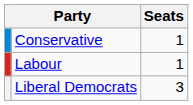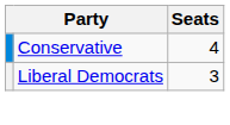 <table class="wikitable">
 <tr>
 <th colspan=2>Party</th>
 <th>Seats</th>
 </tr>
 <tr>
 <th style="background-color: #0087DC"></th>
 <td><a href='#'>Conservative</a></td>
-<td align=right>1</td>
-</tr>
-<tr>
-<th style="background-color: #DC241f"></th>
-<td><a href='#'>Labour</a></td>
-<td align=right>1</td>
+<td align=right>4</td>
 </tr>
 <tr>
 <th style="background-color: "></th>
 <td><a href='#'>Liberal Democrats</a></td>
 <td align=right>3</td>
 </tr>
 </table>
